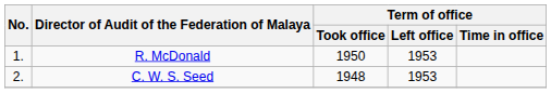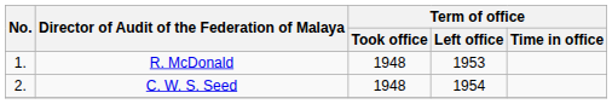 <table class="wikitable" style="text-align:center;">
 <tr style="background:#cccccc">
 <th rowspan=2>No.</th>
 <th rowspan=2>Director of Audit of the Federation of Malaya</th>
 <th colspan=3>Term of office</th>
 </tr>
 <tr>
 <th>Took office</th>
 <th>Left office</th>
 <th>Time in office</th>
 </tr>
 <tr>
 <td>1.</td>
 <td><a href='#'>R. McDonald</a></td>
-<td>1950</td>
+<td>1948</td>
 <td>1953</td>
 </tr>
 <tr>
 <td>2.</td>
 <td><a href='#'>C. W. S. Seed</a></td>
 <td>1948</td>
-<td>1953</td>
+<td>1954</td>
 <td></td>
 </tr>
 <tr>
 </tr>
 </table>
